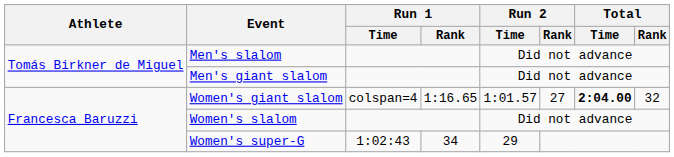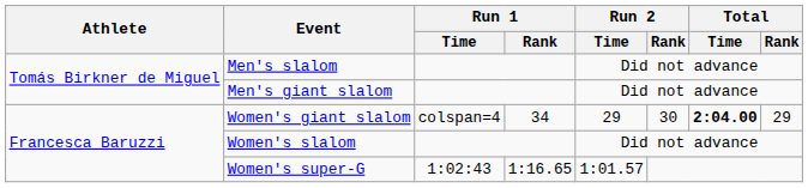 <table class=wikitable style=font-size:90%;text-align:center>
 <tr>
 <th rowspan=2>Athlete</th>
 <th rowspan=2>Event</th>
 <th colspan=2>Run 1</th>
 <th colspan=2>Run 2</th>
 <th colspan=2>Total</th>
 </tr>
 <tr style="font-size:95%">
 <th>Time</th>
 <th>Rank</th>
 <th>Time</th>
 <th>Rank</th>
 <th>Time</th>
 <th>Rank</th>
 </tr>
 <tr>
 <td align=left rowspan=2><a href='#'>Tomás Birkner de Miguel</a></td>
 <td align=left><a href='#'>Men's slalom</a></td>
 <td colspan=2></td>
 <td colspan=4>Did not advance</td>
 </tr>
 <tr>
 <td align=left><a href='#'>Men's giant slalom</a></td>
 <td colspan=2></td>
 <td colspan=4>Did not advance</td>
 </tr>
 <tr>
 <td align=left rowspan=3><a href='#'>Francesca Baruzzi</a></td>
 <td align=left><a href='#'>Women's giant slalom</a></td>
 <td>colspan=4</td>
-<td>1:16.65</td>
-<td>1:01.57</td>
-<td>27</td>
+<td>34</td>
+<td>29</td>
+<td>30</td>
 <td><strong>2:04.00</strong></td>
-<td>32</td>
+<td>29</td>
 </tr>
 <tr>
 <td align=left><a href='#'>Women's slalom</a></td>
 <td colspan=2></td>
 <td colspan=4>Did not advance</td>
 </tr>
 <tr>
 <td align=left><a href='#'>Women's super-G</a></td>
 <td>1:02:43</td>
-<td>34</td>
-<td>29</td>
+<td>1:16.65</td>
+<td>1:01.57</td>
 </tr>
 </table>
